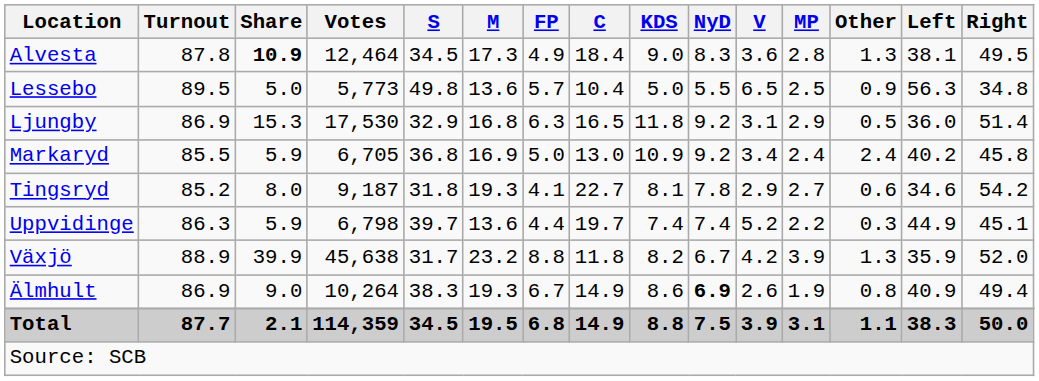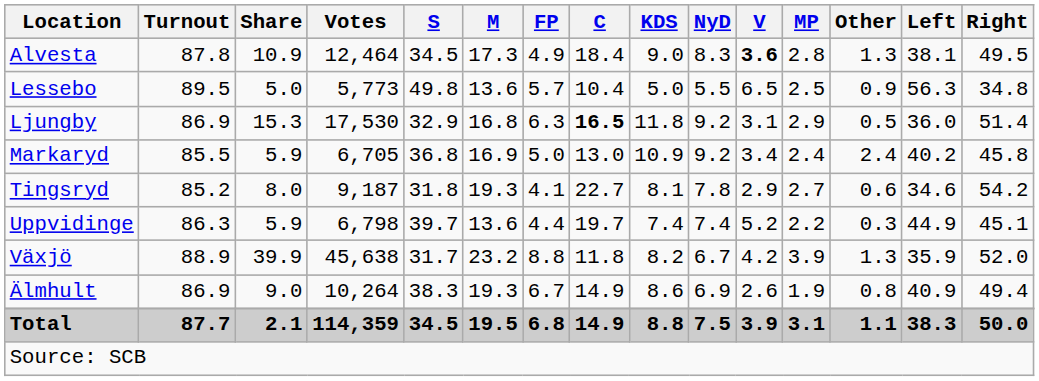 <table class="wikitable sortable" style=text-align:right>
 <tr>
 <th>Location</th>
 <th>Turnout</th>
 <th>Share</th>
 <th>Votes</th>
 <th><a href='#'>S</a></th>
 <th><a href='#'>M</a></th>
 <th><a href='#'>FP</a></th>
 <th><a href='#'>C</a></th>
 <th><a href='#'>KDS</a></th>
 <th><a href='#'>NyD</a></th>
 <th><a href='#'>V</a></th>
 <th><a href='#'>MP</a></th>
 <th>Other</th>
 <th>Left</th>
 <th>Right</th>
 </tr>
 <tr>
 <td align=left><a href='#'>Alvesta</a></td>
 <td>87.8</td>
-<td><strong>10.9</strong></td>
+<td>10.9</td>
 <td>12,464</td>
 <td>34.5</td>
 <td>17.3</td>
 <td>4.9</td>
 <td>18.4</td>
 <td>9.0</td>
 <td>8.3</td>
-<td>3.6</td>
+<td><strong>3.6</strong></td>
 <td>2.8</td>
 <td>1.3</td>
 <td>38.1</td>
 <td>49.5</td>
 </tr>
 <tr>
 <td align=left><a href='#'>Lessebo</a></td>
 <td>89.5</td>
 <td>5.0</td>
 <td>5,773</td>
 <td>49.8</td>
 <td>13.6</td>
 <td>5.7</td>
 <td>10.4</td>
 <td>5.0</td>
 <td>5.5</td>
 <td>6.5</td>
 <td>2.5</td>
 <td>0.9</td>
 <td>56.3</td>
 <td>34.8</td>
 </tr>
 <tr>
 <td align=left><a href='#'>Ljungby</a></td>
 <td>86.9</td>
 <td>15.3</td>
 <td>17,530</td>
 <td>32.9</td>
 <td>16.8</td>
 <td>6.3</td>
-<td>16.5</td>
+<td><strong>16.5</strong></td>
 <td>11.8</td>
 <td>9.2</td>
 <td>3.1</td>
 <td>2.9</td>
 <td>0.5</td>
 <td>36.0</td>
 <td>51.4</td>
 </tr>
 <tr>
 <td align=left><a href='#'>Markaryd</a></td>
 <td>85.5</td>
 <td>5.9</td>
 <td>6,705</td>
 <td>36.8</td>
 <td>16.9</td>
 <td>5.0</td>
 <td>13.0</td>
 <td>10.9</td>
 <td>9.2</td>
 <td>3.4</td>
 <td>2.4</td>
 <td>2.4</td>
 <td>40.2</td>
 <td>45.8</td>
 </tr>
 <tr>
 <td align=left><a href='#'>Tingsryd</a></td>
 <td>85.2</td>
 <td>8.0</td>
 <td>9,187</td>
 <td>31.8</td>
 <td>19.3</td>
 <td>4.1</td>
 <td>22.7</td>
 <td>8.1</td>
 <td>7.8</td>
 <td>2.9</td>
 <td>2.7</td>
 <td>0.6</td>
 <td>34.6</td>
 <td>54.2</td>
 </tr>
 <tr>
 <td align=left><a href='#'>Uppvidinge</a></td>
 <td>86.3</td>
 <td>5.9</td>
 <td>6,798</td>
 <td>39.7</td>
 <td>13.6</td>
 <td>4.4</td>
 <td>19.7</td>
 <td>7.4</td>
 <td>7.4</td>
 <td>5.2</td>
 <td>2.2</td>
 <td>0.3</td>
 <td>44.9</td>
 <td>45.1</td>
 </tr>
 <tr>
 <td align=left><a href='#'>Växjö</a></td>
 <td>88.9</td>
 <td>39.9</td>
 <td>45,638</td>
 <td>31.7</td>
 <td>23.2</td>
 <td>8.8</td>
 <td>11.8</td>
 <td>8.2</td>
 <td>6.7</td>
 <td>4.2</td>
 <td>3.9</td>
 <td>1.3</td>
 <td>35.9</td>
 <td>52.0</td>
 </tr>
 <tr>
 <td align=left><a href='#'>Älmhult</a></td>
 <td>86.9</td>
 <td>9.0</td>
 <td>10,264</td>
 <td>38.3</td>
 <td>19.3</td>
 <td>6.7</td>
 <td>14.9</td>
 <td>8.6</td>
-<td><strong>6.9</strong></td>
+<td>6.9</td>
 <td>2.6</td>
 <td>1.9</td>
 <td>0.8</td>
 <td>40.9</td>
 <td>49.4</td>
 </tr>
 <tr>
 </tr>
 <tr style="background:#CDCDCD;">
 <td align=left><strong>Total</strong></td>
 <td><strong>87.7</strong></td>
 <td><strong>2.1</strong></td>
 <td><strong>114,359</strong></td>
 <td><strong>34.5</strong></td>
 <td><strong>19.5</strong></td>
 <td><strong>6.8</strong></td>
 <td><strong>14.9</strong></td>
 <td><strong>8.8</strong></td>
 <td><strong>7.5</strong></td>
 <td><strong>3.9</strong></td>
 <td><strong>3.1</strong></td>
 <td><strong>1.1</strong></td>
 <td><strong>38.3</strong></td>
 <td><strong>50.0</strong></td>
 </tr>
 <tr>
 <td align=left colspan=15>Source: SCB </td>
 </tr>
 </table>
